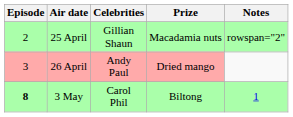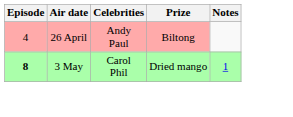 <table class=wikitable style="text-align:center">
 <tr>
 <th>Episode</th>
 <th>Air date</th>
 <th>Celebrities</th>
 <th>Prize</th>
 <th>Notes</th>
 </tr>
-<tr style="background:#aaffaa;">
-<td>2</td>
-<td>25 April</td>
-<td>Gillian<br>Shaun</td>
-<td>Macadamia nuts</td>
-<td>rowspan="2" </td>
-</tr>
 <tr style="background:#ffaaaa;">
-<td>3</td>
+<td>4</td>
 <td>26 April</td>
 <td>Andy<br>Paul</td>
-<td>Dried mango</td>
+<td>Biltong</td>
 </tr>
 <tr style="background:#aaffaa;">
 <td><strong>8</strong></td>
 <td>3 May</td>
 <td>Carol<br>Phil</td>
-<td>Biltong</td>
+<td>Dried mango</td>
 <td><a href='#'>1</a></td>
 </tr>
 </table>
